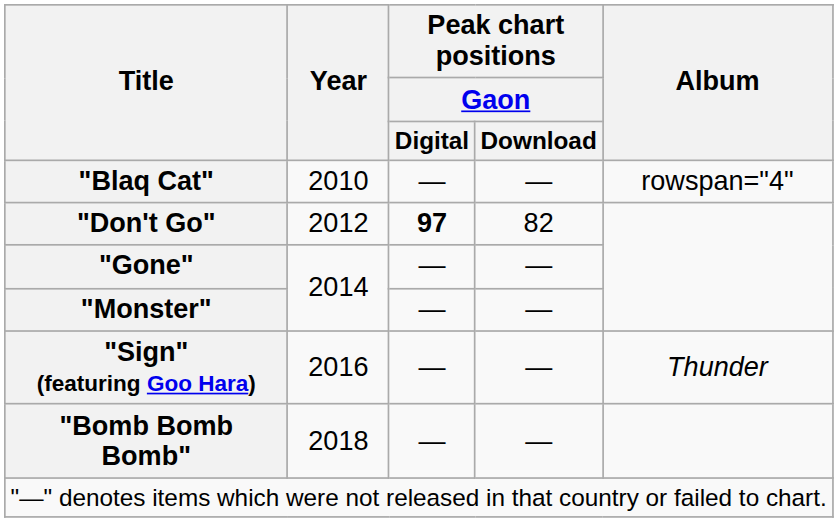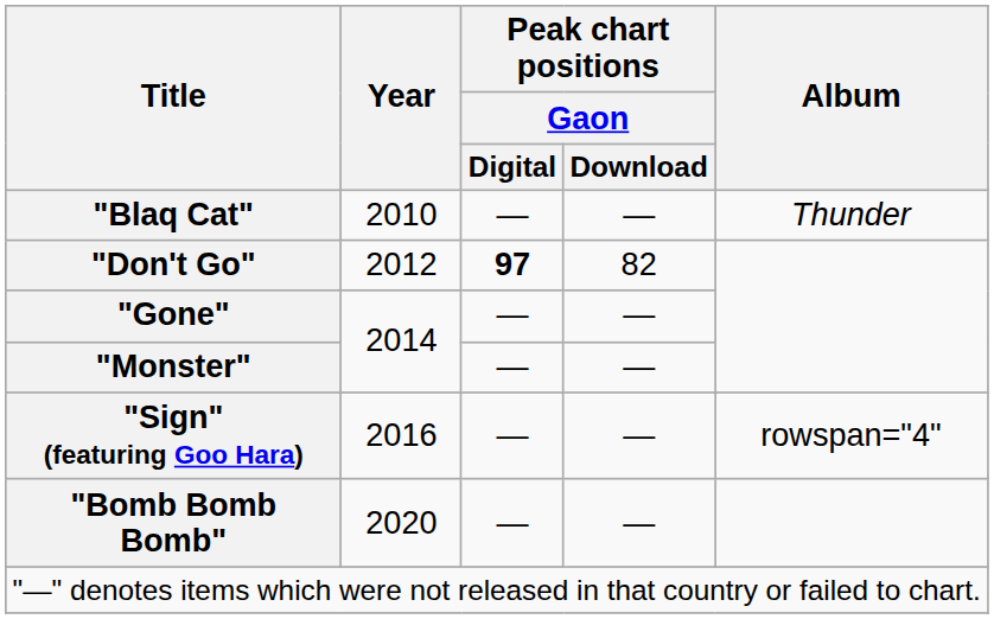 <table class="wikitable plainrowheaders" style="text-align:center;" border="1">
 <tr>
 <th scope="col" rowspan="3" style="width:10em;">Title</th>
 <th scope="col" rowspan="3">Year</th>
 <th scope="col" colspan="2">Peak chart positions</th>
 <th scope="col" rowspan="3">Album</th>
 </tr>
 <tr>
 <th scope="col" colspan="2"><a href='#'>Gaon</a></th>
 </tr>
 <tr>
 <th scope="col" style="width:3em;font-size:90%;">Digital<br></th>
 <th scope="col" style="width:3em;font-size:90%;">Download<br></th>
 </tr>
 <tr>
 <th scope="row">"Blaq Cat"</th>
 <td>2010</td>
 <td>—</td>
 <td>—</td>
-<td>rowspan="4" </td>
+<td><em>Thunder</em></td>
 </tr>
 <tr>
 <th scope="row">"Don't Go"</th>
 <td>2012</td>
 <td><strong>97</strong></td>
 <td>82</td>
 </tr>
 <tr>
 <th scope="row">"Gone"</th>
 <td rowspan="2">2014</td>
 <td>—</td>
 <td>—</td>
 </tr>
 <tr>
 <th scope="row">"Monster"</th>
 <td>—</td>
 <td>—</td>
 </tr>
 <tr>
 <th scope="row">"Sign"<br><small>(featuring <a href='#'>Goo Hara</a>)</small></th>
 <td>2016</td>
 <td>—</td>
 <td>—</td>
-<td><em>Thunder</em></td>
+<td>rowspan="4" </td>
 </tr>
 <tr>
 <th scope=row>"Bomb Bomb Bomb"</th>
-<td>2018</td>
+<td>2020</td>
 <td>—</td>
 <td>—</td>
 <td></td>
 </tr>
 <tr>
 <td colspan="5" style="font-size:90%">"—" denotes items which were not released in that country or failed to chart.</td>
 </tr>
 </table>
